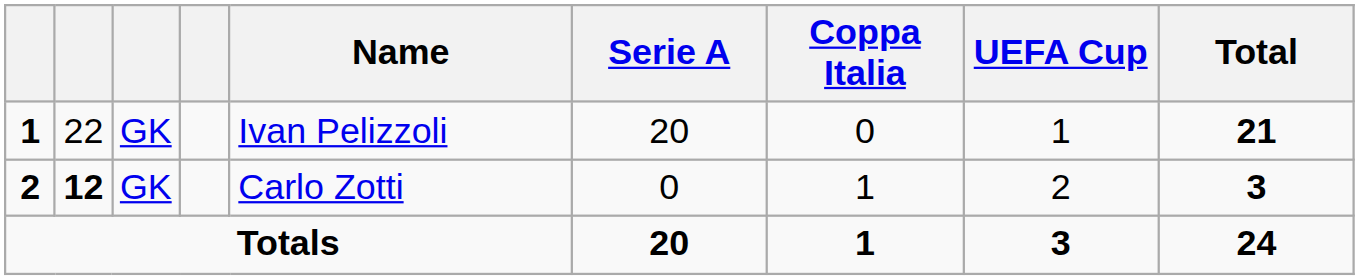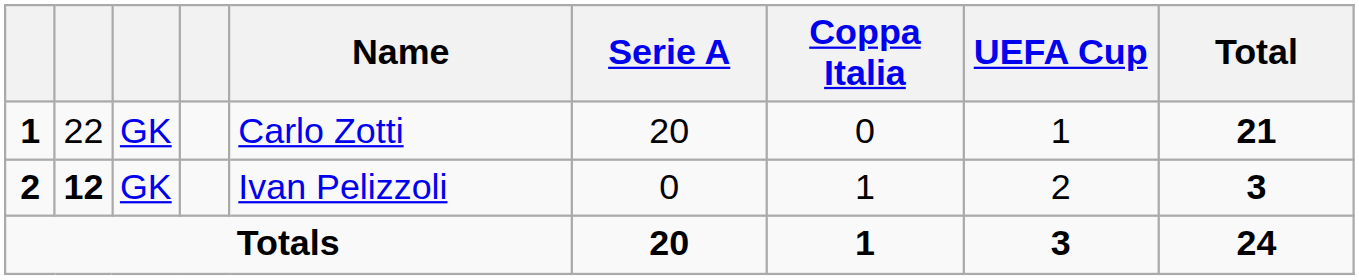 <table class="wikitable" style="text-align:center">
 <tr>
 <th width=15></th>
 <th width=15></th>
 <th width=15></th>
 <th width=15></th>
 <th width=145>Name</th>
 <th width=80><a href='#'>Serie A</a></th>
 <th width=80><a href='#'>Coppa Italia</a></th>
 <th width=80><a href='#'>UEFA Cup</a></th>
 <th width=80>Total</th>
 </tr>
 <tr>
 <td><strong>1</strong></td>
 <td>22</td>
 <td><a href='#'>GK</a></td>
 <td></td>
-<td align=left><a href='#'>Ivan Pelizzoli</a></td>
+<td align=left><a href='#'>Carlo Zotti</a></td>
 <td>20</td>
 <td>0</td>
 <td>1</td>
 <td><strong>21</strong></td>
 </tr>
 <tr>
 <td><strong>2</strong></td>
 <td><strong>12</strong></td>
 <td><a href='#'>GK</a></td>
 <td></td>
-<td align=left><a href='#'>Carlo Zotti</a></td>
+<td align=left><a href='#'>Ivan Pelizzoli</a></td>
 <td>0</td>
 <td>1</td>
 <td>2</td>
 <td><strong>3</strong></td>
 </tr>
 <tr>
 <td colspan=5><strong>Totals</strong></td>
 <td><strong>20</strong></td>
 <td><strong>1</strong></td>
 <td><strong>3</strong></td>
 <td><strong>24</strong></td>
 </tr>
 </table>
